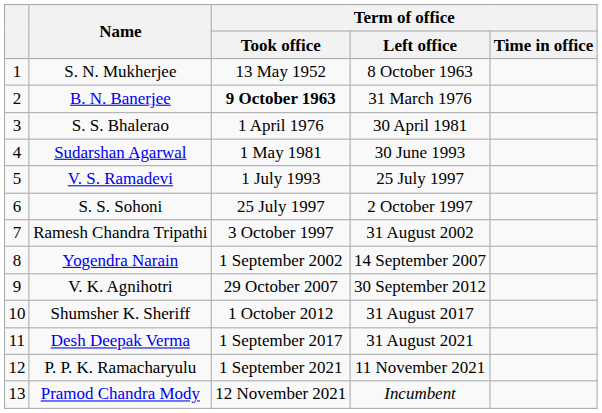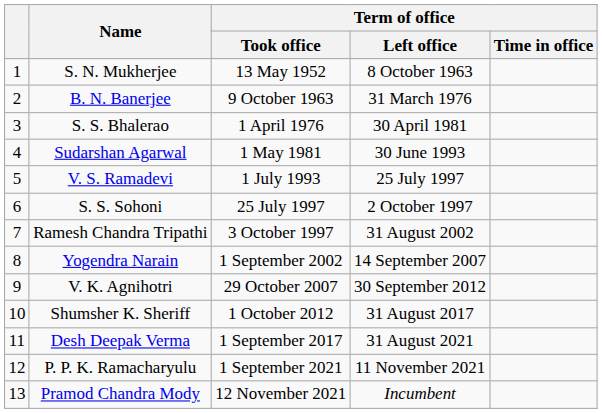 <table class="wikitable sortable" style="text-align:center;">
 <tr>
 <th rowspan=2></th>
 <th rowspan=2>Name</th>
 <th colspan=3>Term of office</th>
 </tr>
 <tr>
 <th>Took office</th>
 <th>Left office</th>
 <th>Time in office</th>
 </tr>
 <tr>
 <td>1</td>
 <td>S. N. Mukherjee</td>
 <td>13 May 1952</td>
 <td>8 October 1963</td>
 <td></td>
 </tr>
 <tr>
 <td>2</td>
 <td><a href='#'>B. N. Banerjee</a></td>
-<td><strong>9 October 1963</strong></td>
+<td>9 October 1963</td>
 <td>31 March 1976</td>
 <td></td>
 </tr>
 <tr>
 <td>3</td>
 <td>S. S. Bhalerao</td>
 <td>1 April 1976</td>
 <td>30 April 1981</td>
 <td></td>
 </tr>
 <tr>
 <td>4</td>
 <td><a href='#'>Sudarshan Agarwal</a></td>
 <td>1 May 1981</td>
 <td>30 June 1993</td>
 <td></td>
 </tr>
 <tr>
 <td>5</td>
 <td><a href='#'>V. S. Ramadevi</a></td>
 <td>1 July 1993</td>
 <td>25 July 1997</td>
 <td></td>
 </tr>
 <tr>
 <td>6</td>
 <td>S. S. Sohoni</td>
 <td>25 July 1997</td>
 <td>2 October 1997</td>
 <td></td>
 </tr>
 <tr>
 <td>7</td>
 <td>Ramesh Chandra Tripathi</td>
 <td>3 October 1997</td>
 <td>31 August 2002</td>
 <td></td>
 </tr>
 <tr>
 <td>8</td>
 <td><a href='#'>Yogendra Narain</a></td>
 <td>1 September 2002</td>
 <td>14 September 2007</td>
 <td></td>
 </tr>
 <tr>
 <td>9</td>
 <td>V. K. Agnihotri</td>
 <td>29 October 2007</td>
 <td>30 September 2012</td>
 <td></td>
 </tr>
 <tr>
 <td>10</td>
 <td>Shumsher K. Sheriff</td>
 <td>1 October 2012</td>
 <td>31 August 2017</td>
 <td></td>
 </tr>
 <tr>
 <td>11</td>
 <td><a href='#'>Desh Deepak Verma</a></td>
 <td>1 September 2017</td>
 <td>31 August 2021</td>
 <td></td>
 </tr>
 <tr>
 <td>12</td>
 <td>P. P. K. Ramacharyulu</td>
 <td>1 September 2021</td>
 <td>11 November 2021</td>
 <td></td>
 </tr>
 <tr>
 <td>13</td>
 <td><a href='#'>Pramod Chandra Mody</a></td>
 <td>12 November 2021</td>
 <td><em>Incumbent</em></td>
 <td></td>
 </tr>
 </table>
